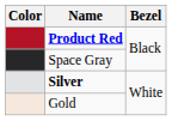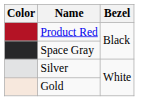 <table class="wikitable">
 <tr>
 <th>Color</th>
 <th>Name</th>
 <th>Bezel</th>
 </tr>
 <tr>
 <td bgcolor="#b41325"></td>
-<td><strong><a href='#'>Product Red</a></strong></td>
+<td><a href='#'>Product Red</a></td>
 <td rowspan="2">Black</td>
 </tr>
 <tr>
 <td bgcolor="#272729"></td>
 <td>Space Gray</td>
 </tr>
 <tr>
 <td bgcolor="#e2e3e4"></td>
-<td><strong>Silver</strong></td>
+<td>Silver</td>
 <td rowspan="2">White</td>
 </tr>
 <tr>
 <td bgcolor="#f7e8dd"></td>
 <td>Gold</td>
 </tr>
 </table>
